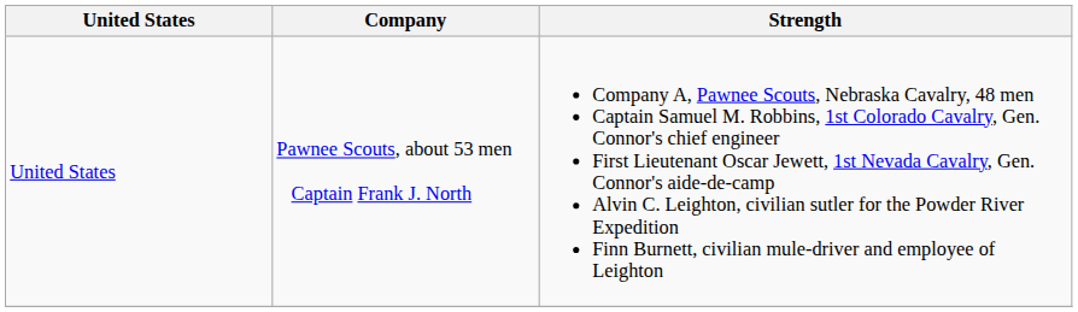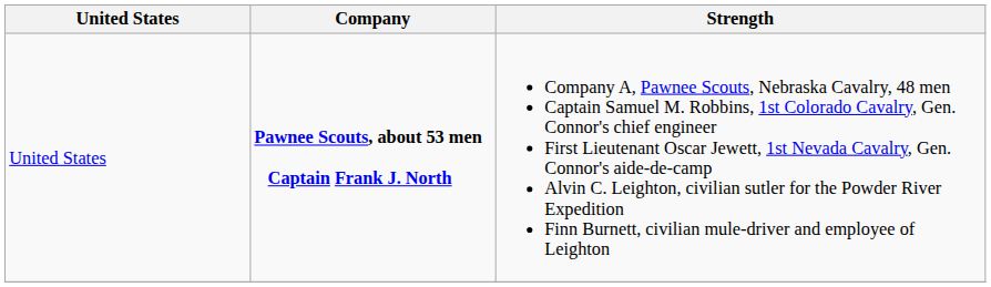 <table class="wikitable">
 <tr>
 <th width=25%>United States</th>
 <th width=25%>Company</th>
 <th>Strength</th>
 </tr>
 <tr>
 <td rowspan=1><br><a href='#'>United States</a><br>    </td>
-<td><a href='#'>Pawnee Scouts</a>, about 53 men<br><br>   <a href='#'>Captain</a> <a href='#'>Frank J. North</a></td>
+<td><strong><a href='#'>Pawnee Scouts</a>, about 53 men<br><br>   <a href='#'>Captain</a> <a href='#'>Frank J. North</a></strong></td>
 <td><br><ul><li>Company A, <a href='#'>Pawnee Scouts</a>, Nebraska Cavalry, 48 men</li><li>Captain Samuel M. Robbins, <a href='#'>1st Colorado Cavalry</a>, Gen. Connor's chief engineer</li><li>First Lieutenant Oscar Jewett, <a href='#'>1st Nevada Cavalry</a>, Gen. Connor's aide-de-camp</li><li>Alvin C. Leighton, civilian sutler for the Powder River Expedition</li><li>Finn Burnett, civilian mule-driver and employee of Leighton</li></ul></td>
 </tr>
 <tr>
 </tr>
 </table>
